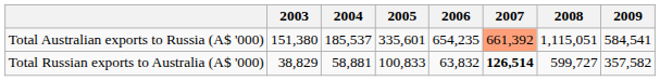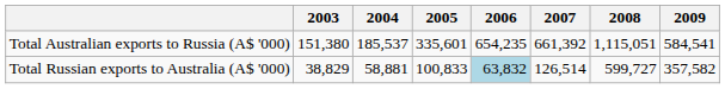 <table class="wikitable" style="margin:1em auto; font-size:97%; text-align:right;">
 <tr>
 <th></th>
 <th>2003</th>
 <th>2004</th>
 <th>2005</th>
 <th>2006</th>
 <th>2007</th>
 <th>2008</th>
 <th>2009</th>
 </tr>
 <tr>
 <td>Total Australian exports to Russia (A$ '000)</td>
 <td>151,380</td>
 <td>185,537</td>
 <td>335,601</td>
 <td>654,235</td>
-<td style="background: lightsalmon;">661,392</td>
+<td>661,392</td>
 <td>1,115,051</td>
 <td>584,541</td>
 </tr>
 <tr>
 <td>Total Russian exports to Australia (A$ '000)</td>
 <td>38,829</td>
 <td>58,881</td>
 <td>100,833</td>
-<td>63,832</td>
-<td><strong>126,514</strong></td>
+<td style="background: lightblue;">63,832</td>
+<td>126,514</td>
 <td>599,727</td>
 <td>357,582</td>
 </tr>
 </table>
